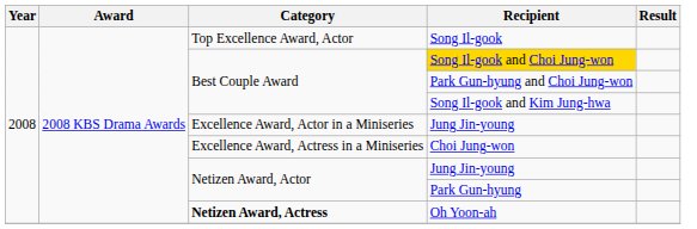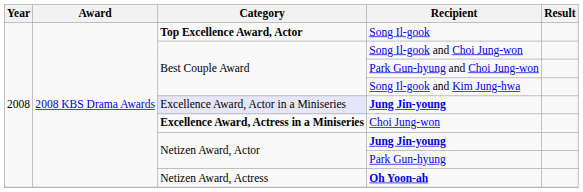 <table class="wikitable">
 <tr>
 <th>Year</th>
 <th>Award</th>
 <th>Category</th>
 <th>Recipient</th>
 <th>Result</th>
 </tr>
 <tr>
 <td rowspan=9>2008</td>
 <td rowspan=9><a href='#'>2008 KBS Drama Awards</a> </td>
-<td>Top Excellence Award, Actor</td>
+<td><strong>Top Excellence Award, Actor</strong></td>
 <td><a href='#'>Song Il-gook</a></td>
 <td></td>
 </tr>
 <tr>
 <td rowspan="3">Best Couple Award</td>
-<td style="background: gold;"><a href='#'>Song Il-gook</a> and <a href='#'>Choi Jung-won</a></td>
+<td><a href='#'>Song Il-gook</a> and <a href='#'>Choi Jung-won</a></td>
 <td></td>
 </tr>
 <tr>
 <td><a href='#'>Park Gun-hyung</a> and <a href='#'>Choi Jung-won</a></td>
 <td></td>
 </tr>
 <tr>
 <td><a href='#'>Song Il-gook</a> and <a href='#'>Kim Jung-hwa</a></td>
 <td></td>
 </tr>
 <tr>
-<td>Excellence Award, Actor in a Miniseries</td>
-<td><a href='#'>Jung Jin-young</a></td>
+<td style="background: lavender;">Excellence Award, Actor in a Miniseries</td>
+<td><strong><a href='#'>Jung Jin-young</a></strong></td>
 <td></td>
 </tr>
 <tr>
-<td>Excellence Award, Actress in a Miniseries</td>
+<td><strong>Excellence Award, Actress in a Miniseries</strong></td>
 <td><a href='#'>Choi Jung-won</a></td>
 <td></td>
 </tr>
 <tr>
 <td rowspan="2">Netizen Award, Actor</td>
-<td><a href='#'>Jung Jin-young</a></td>
+<td><strong><a href='#'>Jung Jin-young</a></strong></td>
 <td></td>
 </tr>
 <tr>
 <td><a href='#'>Park Gun-hyung</a></td>
 <td></td>
 </tr>
 <tr>
-<td><strong>Netizen Award, Actress</strong></td>
-<td><a href='#'>Oh Yoon-ah</a></td>
+<td>Netizen Award, Actress</td>
+<td><strong><a href='#'>Oh Yoon-ah</a></strong></td>
 <td></td>
 </tr>
 <tr>
 </tr>
 </table>
